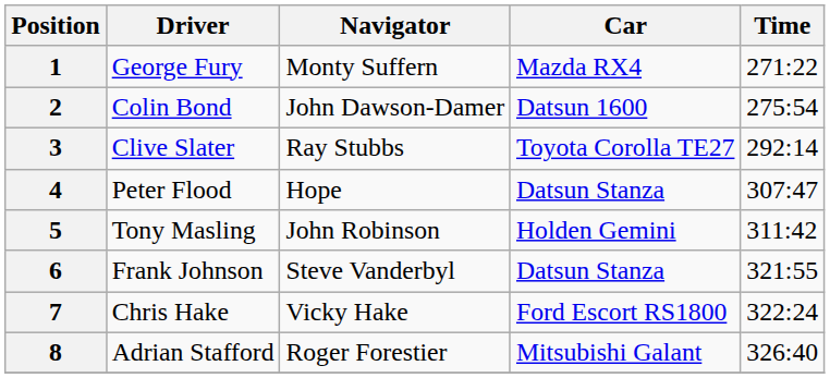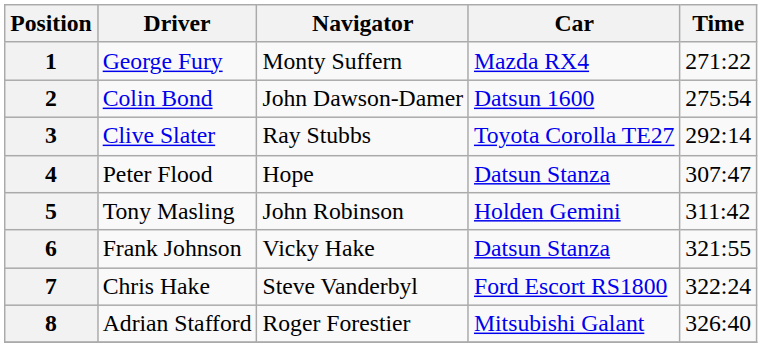 <table class="wikitable" border="1">
 <tr>
 <th>Position</th>
 <th>Driver</th>
 <th>Navigator</th>
 <th>Car</th>
 <th>Time</th>
 </tr>
 <tr>
 <th>1</th>
 <td><a href='#'>George Fury</a></td>
 <td>Monty Suffern</td>
 <td><a href='#'>Mazda RX4</a></td>
 <td align="center">271:22</td>
 </tr>
 <tr>
 <th>2</th>
 <td><a href='#'>Colin Bond</a></td>
 <td>John Dawson-Damer</td>
 <td><a href='#'>Datsun 1600</a></td>
 <td align="center">275:54</td>
 </tr>
 <tr>
 <th>3</th>
 <td><a href='#'>Clive Slater</a></td>
 <td>Ray Stubbs</td>
 <td><a href='#'>Toyota Corolla TE27</a></td>
 <td align="center">292:14</td>
 </tr>
 <tr>
 <th>4</th>
 <td>Peter Flood</td>
 <td>Hope</td>
 <td><a href='#'>Datsun Stanza</a></td>
 <td>307:47</td>
 </tr>
 <tr>
 <th>5</th>
 <td>Tony Masling</td>
 <td>John Robinson</td>
 <td><a href='#'>Holden Gemini</a></td>
 <td>311:42</td>
 </tr>
 <tr>
 <th>6</th>
 <td>Frank Johnson</td>
-<td>Steve Vanderbyl</td>
+<td>Vicky Hake</td>
 <td><a href='#'>Datsun Stanza</a></td>
 <td>321:55</td>
 </tr>
 <tr>
 <th>7</th>
 <td>Chris Hake</td>
-<td>Vicky Hake</td>
+<td>Steve Vanderbyl</td>
 <td><a href='#'>Ford Escort RS1800</a></td>
 <td>322:24</td>
 </tr>
 <tr>
 <th>8</th>
 <td>Adrian Stafford</td>
 <td>Roger Forestier</td>
 <td><a href='#'>Mitsubishi Galant</a></td>
 <td>326:40</td>
 </tr>
 <tr>
 </tr>
 </table>
